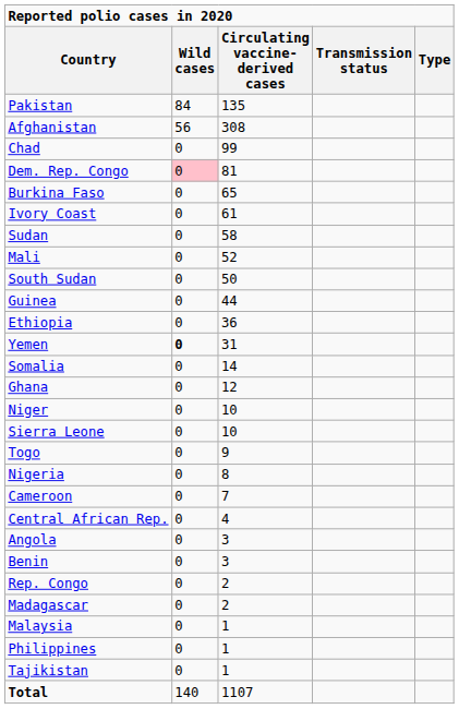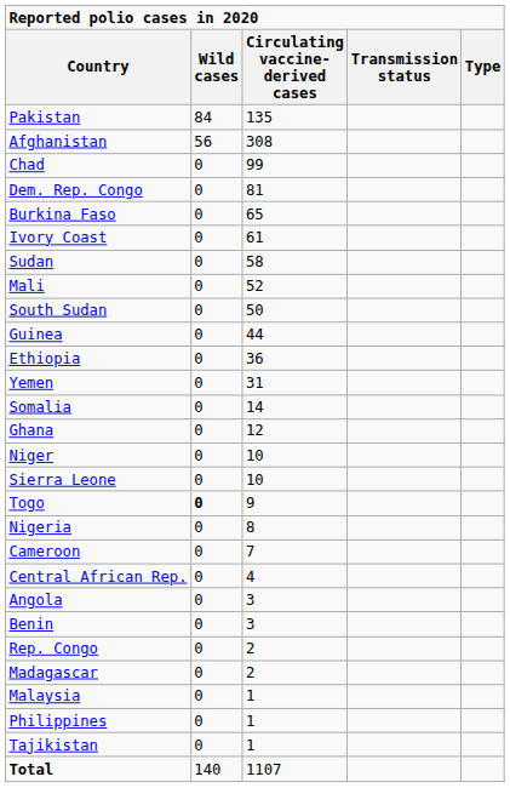 <table class="wikitable sortable mw-collapsible mw-collapsed" font-size:85%; margin-left:15px">
 <tr>
 <td colspan="5"><div><strong>Reported polio cases in 2020</strong><br> </div></td>
 </tr>
 <tr>
 <th>Country</th>
 <th>Wild<br>cases</th>
 <th>Circulating<br>vaccine-<br>derived<br>cases</th>
 <th>Transmission<br>status</th>
 <th>Type</th>
 </tr>
 <tr>
 <td><a href='#'>Pakistan</a></td>
 <td>84</td>
 <td>135</td>
 <td></td>
 <td><br></td>
 </tr>
 <tr>
 <td><a href='#'>Afghanistan</a></td>
 <td>56</td>
 <td>308</td>
 <td></td>
 <td><br></td>
 </tr>
 <tr>
 <td><a href='#'>Chad</a></td>
 <td>0</td>
 <td>99</td>
 <td></td>
 <td></td>
 </tr>
 <tr>
 <td><a href='#'>Dem. Rep. Congo</a></td>
-<td style="background: pink;">0</td>
+<td>0</td>
 <td>81</td>
 <td></td>
 <td></td>
 </tr>
 <tr>
 <td><a href='#'>Burkina Faso</a></td>
 <td>0</td>
 <td>65</td>
 <td></td>
 <td></td>
 </tr>
 <tr>
 <td><a href='#'>Ivory Coast</a></td>
 <td>0</td>
 <td>61</td>
 <td></td>
 <td></td>
 </tr>
 <tr>
 <td><a href='#'>Sudan</a></td>
 <td>0</td>
 <td>58</td>
 <td></td>
 <td></td>
 </tr>
 <tr>
 <td><a href='#'>Mali</a></td>
 <td>0</td>
 <td>52</td>
 <td></td>
 <td></td>
 </tr>
 <tr>
 <td><a href='#'>South Sudan</a></td>
 <td>0</td>
 <td>50</td>
 <td></td>
 <td></td>
 </tr>
 <tr>
 <td><a href='#'>Guinea</a></td>
 <td>0</td>
 <td>44</td>
 <td></td>
 <td></td>
 </tr>
 <tr>
 <td><a href='#'>Ethiopia</a></td>
 <td>0</td>
 <td>36</td>
 <td></td>
 <td></td>
 </tr>
 <tr>
 <td><a href='#'>Yemen</a></td>
-<td><strong>0</strong></td>
+<td>0</td>
 <td>31</td>
 <td></td>
 <td></td>
 </tr>
 <tr>
 <td><a href='#'>Somalia</a></td>
 <td>0</td>
 <td>14</td>
 <td></td>
 <td></td>
 </tr>
 <tr>
 <td><a href='#'>Ghana</a></td>
 <td>0</td>
 <td>12</td>
 <td></td>
 <td></td>
 </tr>
 <tr>
 <td><a href='#'>Niger</a></td>
 <td>0</td>
 <td>10</td>
 <td></td>
 <td></td>
 </tr>
 <tr>
 <td><a href='#'>Sierra Leone</a></td>
 <td>0</td>
 <td>10</td>
 <td></td>
 <td></td>
 </tr>
 <tr>
 <td><a href='#'>Togo</a></td>
-<td>0</td>
+<td><strong>0</strong></td>
 <td>9</td>
 <td></td>
 <td></td>
 </tr>
 <tr>
 <td><a href='#'>Nigeria</a></td>
 <td>0</td>
 <td>8</td>
 <td></td>
 <td></td>
 </tr>
 <tr>
 <td><a href='#'>Cameroon</a></td>
 <td>0</td>
 <td>7</td>
 <td></td>
 <td></td>
 </tr>
 <tr>
 <td><a href='#'>Central African Rep.</a></td>
 <td>0</td>
 <td>4</td>
 <td></td>
 <td></td>
 </tr>
 <tr>
 <td><a href='#'>Angola</a></td>
 <td>0</td>
 <td>3</td>
 <td></td>
 <td></td>
 </tr>
 <tr>
 <td><a href='#'>Benin</a></td>
 <td>0</td>
 <td>3</td>
 <td></td>
 <td></td>
 </tr>
 <tr>
 <td><a href='#'>Rep. Congo</a></td>
 <td>0</td>
 <td>2</td>
 <td></td>
 <td></td>
 </tr>
 <tr>
 <td><a href='#'>Madagascar</a></td>
 <td>0</td>
 <td>2</td>
 <td></td>
 <td></td>
 </tr>
 <tr>
 <td><a href='#'>Malaysia</a></td>
 <td>0</td>
 <td>1</td>
 <td></td>
 <td></td>
 </tr>
 <tr>
 <td><a href='#'>Philippines</a></td>
 <td>0</td>
 <td>1</td>
 <td></td>
 <td></td>
 </tr>
 <tr>
 <td><a href='#'>Tajikistan</a></td>
 <td>0</td>
 <td>1</td>
 <td></td>
 <td></td>
 </tr>
 <tr>
 <td><strong>Total</strong></td>
 <td>140</td>
 <td>1107</td>
 <td></td>
 <td></td>
 </tr>
 </table>
